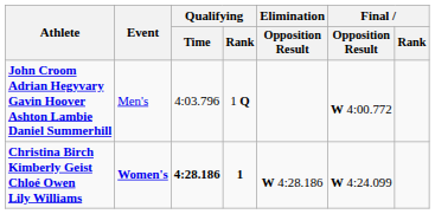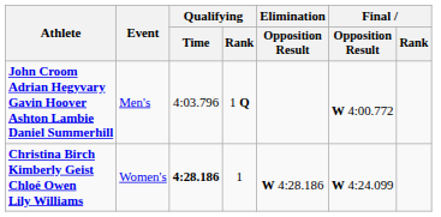 <table class=wikitable style=font-size:90%;text-align:center>
 <tr>
 <th rowspan=2>Athlete</th>
 <th rowspan=2>Event</th>
 <th colspan=2>Qualifying</th>
 <th>Elimination</th>
 <th colspan=2>Final / </th>
 </tr>
 <tr style=font-size:95%>
 <th>Time</th>
 <th>Rank</th>
 <th>Opposition<br>Result</th>
 <th>Opposition<br>Result</th>
 <th>Rank</th>
 </tr>
 <tr>
 <td align=left><strong><a href='#'>John Croom</a><br><a href='#'>Adrian Hegyvary</a><br><a href='#'>Gavin Hoover</a><br><a href='#'>Ashton Lambie</a><br><a href='#'>Daniel Summerhill</a></strong></td>
 <td align=left><a href='#'>Men's</a></td>
 <td>4:03.796</td>
 <td>1 <strong>Q</strong></td>
 <td></td>
 <td><br><strong>W</strong> 4:00.772</td>
 <td></td>
 </tr>
 <tr>
 <td align=left><strong><a href='#'>Christina Birch</a><br><a href='#'>Kimberly Geist</a><br><a href='#'>Chloé Owen</a><br><a href='#'>Lily Williams</a></strong></td>
-<td align=left><strong><a href='#'>Women's</a></strong></td>
+<td align=left><a href='#'>Women's</a></td>
 <td><strong>4:28.186</strong></td>
-<td><strong>1</strong></td>
+<td>1</td>
 <td><br><strong>W</strong> 4:28.186</td>
 <td><br><strong>W</strong> 4:24.099</td>
 <td></td>
 </tr>
 </table>
